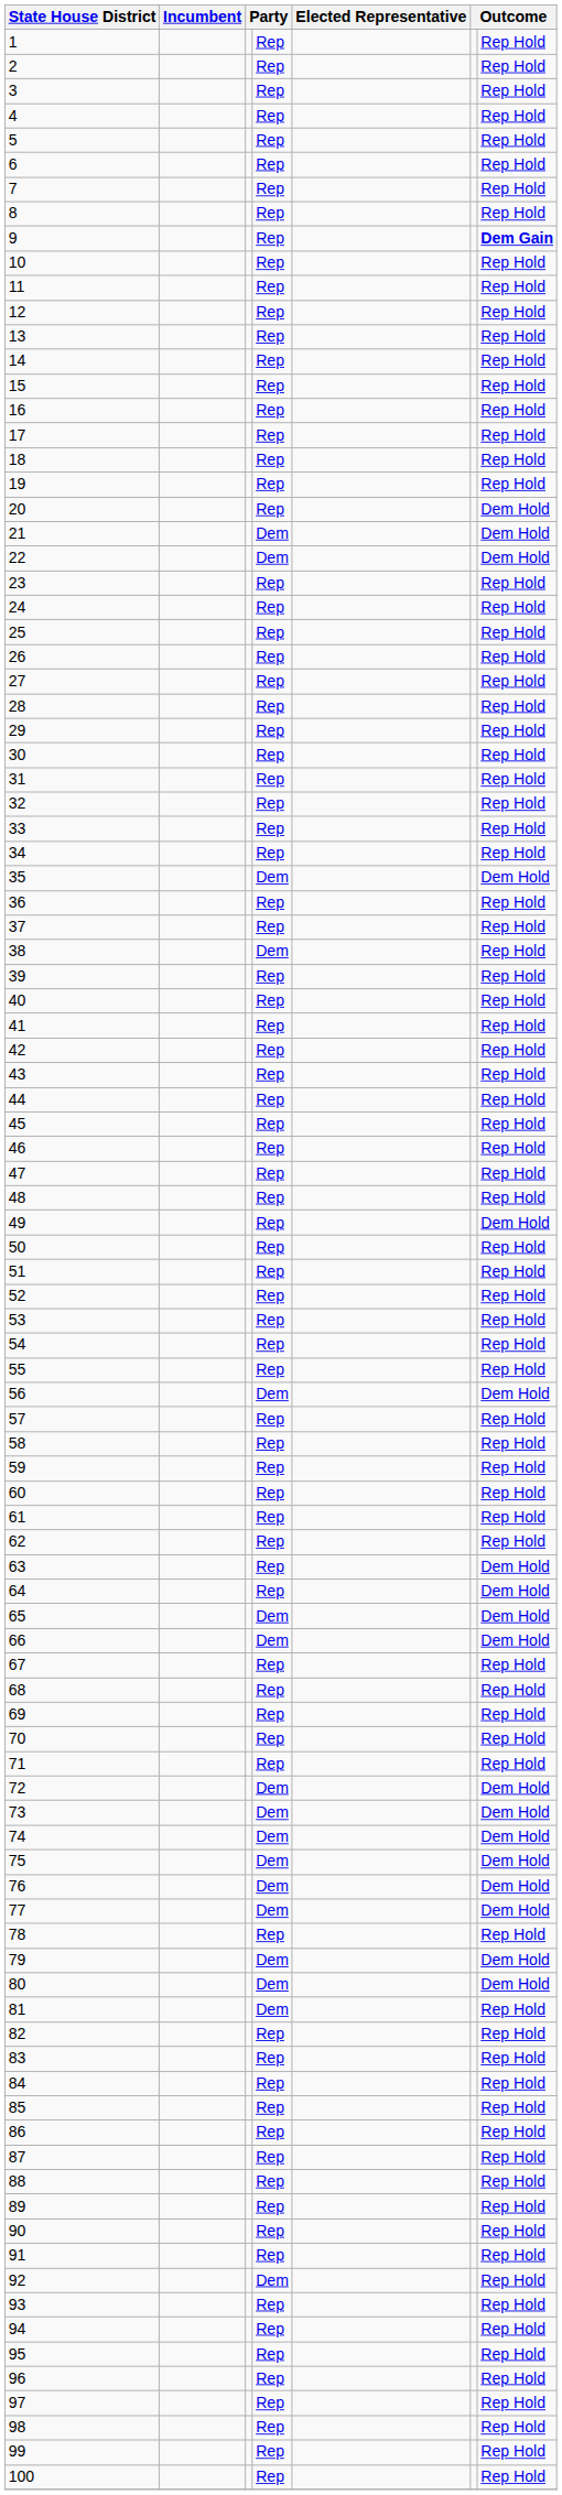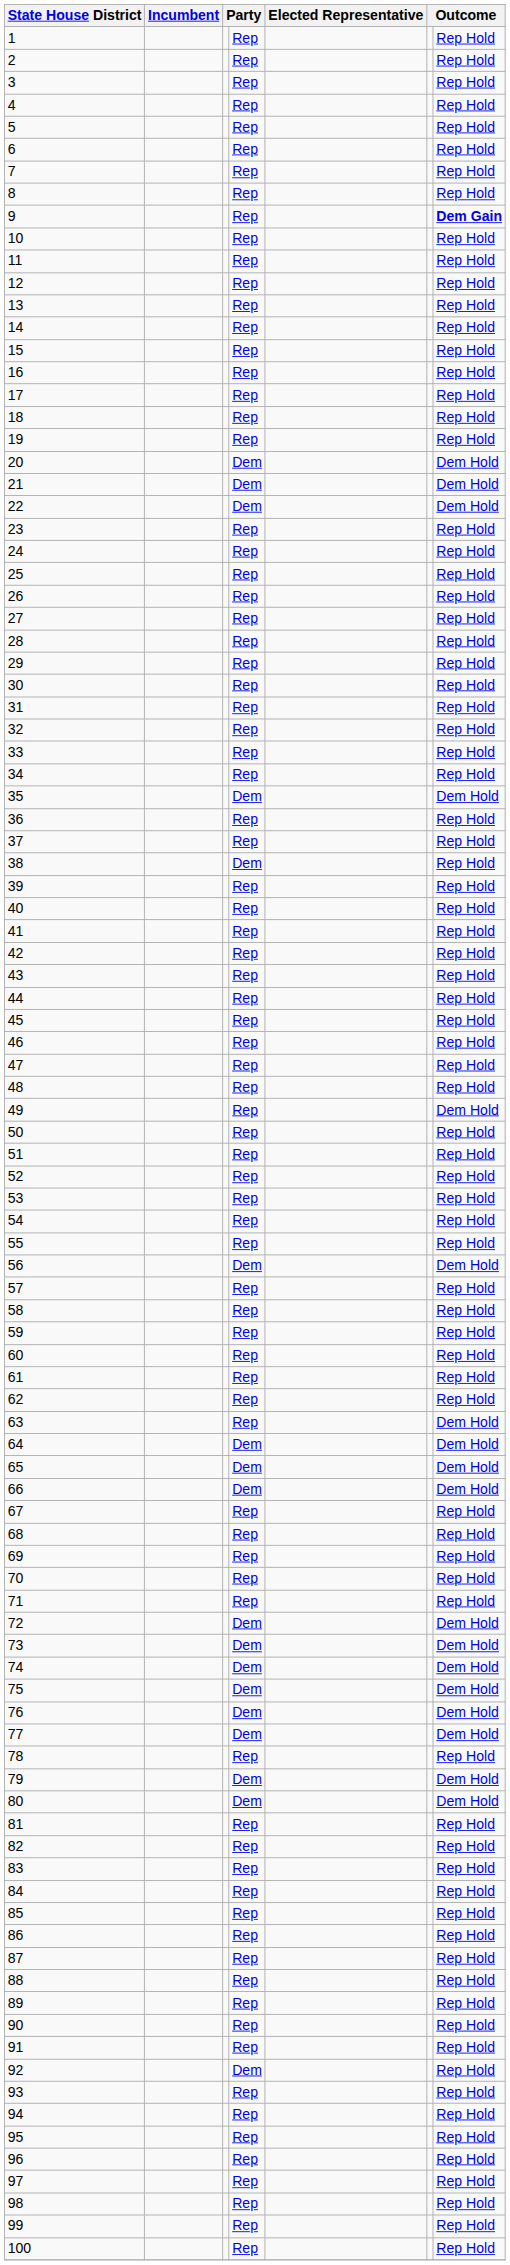 <table class="wikitable sortable">
 <tr>
 <th><a href='#'>State House</a> District</th>
 <th><a href='#'>Incumbent</a></th>
 <th colspan="2">Party</th>
 <th>Elected Representative</th>
 <th colspan="2">Outcome</th>
 </tr>
 <tr>
 <td>1</td>
 <td></td>
 <td style="background:"></td>
 <td><a href='#'>Rep</a></td>
 <td></td>
 <td style="background:"></td>
 <td><a href='#'>Rep Hold</a></td>
 </tr>
 <tr>
 <td>2</td>
 <td></td>
 <td style="background:"></td>
 <td><a href='#'>Rep</a></td>
 <td></td>
 <td style="background:"></td>
 <td><a href='#'>Rep Hold</a></td>
 </tr>
 <tr>
 <td>3</td>
 <td></td>
 <td style="background:"></td>
 <td><a href='#'>Rep</a></td>
 <td></td>
 <td style="background:"></td>
 <td><a href='#'>Rep Hold</a></td>
 </tr>
 <tr>
 <td>4</td>
 <td></td>
 <td style="background:"></td>
 <td><a href='#'>Rep</a></td>
 <td><em></em></td>
 <td style="background:"></td>
 <td><a href='#'>Rep Hold</a></td>
 </tr>
 <tr>
 <td>5</td>
 <td></td>
 <td style="background:"></td>
 <td><a href='#'>Rep</a></td>
 <td></td>
 <td style="background:"></td>
 <td><a href='#'>Rep Hold</a></td>
 </tr>
 <tr>
 <td>6</td>
 <td></td>
 <td style="background:"></td>
 <td><a href='#'>Rep</a></td>
 <td></td>
 <td style="background:"></td>
 <td><a href='#'>Rep Hold</a></td>
 </tr>
 <tr>
 <td>7</td>
 <td></td>
 <td style="background:"></td>
 <td><a href='#'>Rep</a></td>
 <td></td>
 <td style="background:"></td>
 <td><a href='#'>Rep Hold</a></td>
 </tr>
 <tr>
 <td>8</td>
 <td></td>
 <td style="background:"></td>
 <td><a href='#'>Rep</a></td>
 <td></td>
 <td style="background:"></td>
 <td><a href='#'>Rep Hold</a></td>
 </tr>
 <tr>
 <td>9</td>
 <td></td>
 <td style="background:"></td>
 <td><a href='#'>Rep</a></td>
 <td><strong></strong></td>
 <td style="background:"></td>
 <td><strong><a href='#'>Dem Gain</a></strong></td>
 </tr>
 <tr>
 <td>10</td>
 <td></td>
 <td style="background:"></td>
 <td><a href='#'>Rep</a></td>
 <td></td>
 <td style="background:"></td>
 <td><a href='#'>Rep Hold</a></td>
 </tr>
 <tr>
 <td>11</td>
 <td></td>
 <td style="background:"></td>
 <td><a href='#'>Rep</a></td>
 <td></td>
 <td style="background:"></td>
 <td><a href='#'>Rep Hold</a></td>
 </tr>
 <tr>
 <td>12</td>
 <td></td>
 <td style="background:"></td>
 <td><a href='#'>Rep</a></td>
 <td></td>
 <td style="background:"></td>
 <td><a href='#'>Rep Hold</a></td>
 </tr>
 <tr>
 <td>13</td>
 <td></td>
 <td style="background:"></td>
 <td><a href='#'>Rep</a></td>
 <td></td>
 <td style="background:"></td>
 <td><a href='#'>Rep Hold</a></td>
 </tr>
 <tr>
 <td>14</td>
 <td></td>
 <td style="background:"></td>
 <td><a href='#'>Rep</a></td>
 <td><em></em></td>
 <td style="background:"></td>
 <td><a href='#'>Rep Hold</a></td>
 </tr>
 <tr>
 <td>15</td>
 <td></td>
 <td style="background:"></td>
 <td><a href='#'>Rep</a></td>
 <td></td>
 <td style="background:"></td>
 <td><a href='#'>Rep Hold</a></td>
 </tr>
 <tr>
 <td>16</td>
 <td></td>
 <td style="background:"></td>
 <td><a href='#'>Rep</a></td>
 <td></td>
 <td style="background:"></td>
 <td><a href='#'>Rep Hold</a></td>
 </tr>
 <tr>
 <td>17</td>
 <td></td>
 <td style="background:"></td>
 <td><a href='#'>Rep</a></td>
 <td><em></em></td>
 <td style="background:"></td>
 <td><a href='#'>Rep Hold</a></td>
 </tr>
 <tr>
 <td>18</td>
 <td></td>
 <td style="background:"></td>
 <td><a href='#'>Rep</a></td>
 <td></td>
 <td style="background:"></td>
 <td><a href='#'>Rep Hold</a></td>
 </tr>
 <tr>
 <td>19</td>
 <td></td>
 <td style="background:"></td>
 <td><a href='#'>Rep</a></td>
 <td></td>
 <td style="background:"></td>
 <td><a href='#'>Rep Hold</a></td>
 </tr>
 <tr>
 <td>20</td>
 <td></td>
 <td style="background:"></td>
-<td><a href='#'>Rep</a></td>
+<td><a href='#'>Dem</a></td>
 <td></td>
 <td style="background:"></td>
 <td><a href='#'>Dem Hold</a></td>
 </tr>
 <tr>
 <td>21</td>
 <td></td>
 <td style="background:"></td>
 <td><a href='#'>Dem</a></td>
 <td></td>
 <td style="background:"></td>
 <td><a href='#'>Dem Hold</a></td>
 </tr>
 <tr>
 <td>22</td>
 <td></td>
 <td style="background:"></td>
 <td><a href='#'>Dem</a></td>
 <td></td>
 <td style="background:"></td>
 <td><a href='#'>Dem Hold</a></td>
 </tr>
 <tr>
 <td>23</td>
 <td></td>
 <td style="background:"></td>
 <td><a href='#'>Rep</a></td>
 <td></td>
 <td style="background:"></td>
 <td><a href='#'>Rep Hold</a></td>
 </tr>
 <tr>
 <td>24</td>
 <td></td>
 <td style="background:"></td>
 <td><a href='#'>Rep</a></td>
 <td><em></em></td>
 <td style="background:"></td>
 <td><a href='#'>Rep Hold</a></td>
 </tr>
 <tr>
 <td>25</td>
 <td></td>
 <td style="background:"></td>
 <td><a href='#'>Rep</a></td>
 <td></td>
 <td style="background:"></td>
 <td><a href='#'>Rep Hold</a></td>
 </tr>
 <tr>
 <td>26</td>
 <td></td>
 <td style="background:"></td>
 <td><a href='#'>Rep</a></td>
 <td><em></em></td>
 <td style="background:"></td>
 <td><a href='#'>Rep Hold</a></td>
 </tr>
 <tr>
 <td>27</td>
 <td></td>
 <td style="background:"></td>
 <td><a href='#'>Rep</a></td>
 <td></td>
 <td style="background:"></td>
 <td><a href='#'>Rep Hold</a></td>
 </tr>
 <tr>
 <td>28</td>
 <td></td>
 <td style="background:"></td>
 <td><a href='#'>Rep</a></td>
 <td></td>
 <td style="background:"></td>
 <td><a href='#'>Rep Hold</a></td>
 </tr>
 <tr>
 <td>29</td>
 <td></td>
 <td style="background:"></td>
 <td><a href='#'>Rep</a></td>
 <td></td>
 <td style="background:"></td>
 <td><a href='#'>Rep Hold</a></td>
 </tr>
 <tr>
 <td>30</td>
 <td></td>
 <td style="background:"></td>
 <td><a href='#'>Rep</a></td>
 <td></td>
 <td style="background:"></td>
 <td><a href='#'>Rep Hold</a></td>
 </tr>
 <tr>
 <td>31</td>
 <td></td>
 <td style="background:"></td>
 <td><a href='#'>Rep</a></td>
 <td></td>
 <td style="background:"></td>
 <td><a href='#'>Rep Hold</a></td>
 </tr>
 <tr>
 <td>32</td>
 <td></td>
 <td style="background:"></td>
 <td><a href='#'>Rep</a></td>
 <td></td>
 <td style="background:"></td>
 <td><a href='#'>Rep Hold</a></td>
 </tr>
 <tr>
 <td>33</td>
 <td></td>
 <td style="background:"></td>
 <td><a href='#'>Rep</a></td>
 <td></td>
 <td style="background:"></td>
 <td><a href='#'>Rep Hold</a></td>
 </tr>
 <tr>
 <td>34</td>
 <td></td>
 <td style="background:"></td>
 <td><a href='#'>Rep</a></td>
 <td></td>
 <td style="background:"></td>
 <td><a href='#'>Rep Hold</a></td>
 </tr>
 <tr>
 <td>35</td>
 <td></td>
 <td style="background:"></td>
 <td><a href='#'>Dem</a></td>
 <td><em></em></td>
 <td style="background:"></td>
 <td><a href='#'>Dem Hold</a></td>
 </tr>
 <tr>
 <td>36</td>
 <td></td>
 <td style="background:"></td>
 <td><a href='#'>Rep</a></td>
 <td></td>
 <td style="background:"></td>
 <td><a href='#'>Rep Hold</a></td>
 </tr>
 <tr>
 <td>37</td>
 <td></td>
 <td style="background:"></td>
 <td><a href='#'>Rep</a></td>
 <td></td>
 <td style="background:"></td>
 <td><a href='#'>Rep Hold</a></td>
 </tr>
 <tr>
 <td>38</td>
 <td></td>
 <td style="background:"></td>
 <td><a href='#'>Dem</a></td>
 <td></td>
 <td style="background:"></td>
 <td><a href='#'>Rep Hold</a></td>
 </tr>
 <tr>
 <td>39</td>
 <td></td>
 <td style="background:"></td>
 <td><a href='#'>Rep</a></td>
 <td></td>
 <td style="background:"></td>
 <td><a href='#'>Rep Hold</a></td>
 </tr>
 <tr>
 <td>40</td>
 <td></td>
 <td style="background:"></td>
 <td><a href='#'>Rep</a></td>
 <td></td>
 <td style="background:"></td>
 <td><a href='#'>Rep Hold</a></td>
 </tr>
 <tr>
 <td>41</td>
 <td></td>
 <td style="background:"></td>
 <td><a href='#'>Rep</a></td>
 <td><em></em></td>
 <td style="background:"></td>
 <td><a href='#'>Rep Hold</a></td>
 </tr>
 <tr>
 <td>42</td>
 <td></td>
 <td style="background:"></td>
 <td><a href='#'>Rep</a></td>
 <td></td>
 <td style="background:"></td>
 <td><a href='#'>Rep Hold</a></td>
 </tr>
 <tr>
 <td>43</td>
 <td></td>
 <td style="background:"></td>
 <td><a href='#'>Rep</a></td>
 <td></td>
 <td style="background:"></td>
 <td><a href='#'>Rep Hold</a></td>
 </tr>
 <tr>
 <td>44</td>
 <td></td>
 <td style="background:"></td>
 <td><a href='#'>Rep</a></td>
 <td></td>
 <td style="background:"></td>
 <td><a href='#'>Rep Hold</a></td>
 </tr>
 <tr>
 <td>45</td>
 <td></td>
 <td style="background:"></td>
 <td><a href='#'>Rep</a></td>
 <td></td>
 <td style="background:"></td>
 <td><a href='#'>Rep Hold</a></td>
 </tr>
 <tr>
 <td>46</td>
 <td></td>
 <td style="background:"></td>
 <td><a href='#'>Rep</a></td>
 <td></td>
 <td style="background:"></td>
 <td><a href='#'>Rep Hold</a></td>
 </tr>
 <tr>
 <td>47</td>
 <td></td>
 <td style="background:"></td>
 <td><a href='#'>Rep</a></td>
 <td></td>
 <td style="background:"></td>
 <td><a href='#'>Rep Hold</a></td>
 </tr>
 <tr>
 <td>48</td>
 <td></td>
 <td style="background:"></td>
 <td><a href='#'>Rep</a></td>
 <td></td>
 <td style="background:"></td>
 <td><a href='#'>Rep Hold</a></td>
 </tr>
 <tr>
 <td>49</td>
 <td></td>
 <td style="background:"></td>
 <td><a href='#'>Rep</a></td>
 <td></td>
 <td style="background:"></td>
 <td><a href='#'>Dem Hold</a></td>
 </tr>
 <tr>
 <td>50</td>
 <td></td>
 <td style="background:"></td>
 <td><a href='#'>Rep</a></td>
 <td></td>
 <td style="background:"></td>
 <td><a href='#'>Rep Hold</a></td>
 </tr>
 <tr>
 <td>51</td>
 <td></td>
 <td style="background:"></td>
 <td><a href='#'>Rep</a></td>
 <td></td>
 <td style="background:"></td>
 <td><a href='#'>Rep Hold</a></td>
 </tr>
 <tr>
 <td>52</td>
 <td></td>
 <td style="background:"></td>
 <td><a href='#'>Rep</a></td>
 <td></td>
 <td style="background:"></td>
 <td><a href='#'>Rep Hold</a></td>
 </tr>
 <tr>
 <td>53</td>
 <td></td>
 <td style="background:"></td>
 <td><a href='#'>Rep</a></td>
 <td></td>
 <td style="background:"></td>
 <td><a href='#'>Rep Hold</a></td>
 </tr>
 <tr>
 <td>54</td>
 <td></td>
 <td style="background:"></td>
 <td><a href='#'>Rep</a></td>
 <td></td>
 <td style="background:"></td>
 <td><a href='#'>Rep Hold</a></td>
 </tr>
 <tr>
 <td>55</td>
 <td></td>
 <td style="background:"></td>
 <td><a href='#'>Rep</a></td>
 <td></td>
 <td style="background:"></td>
 <td><a href='#'>Rep Hold</a></td>
 </tr>
 <tr>
 <td>56</td>
 <td></td>
 <td style="background:"></td>
 <td><a href='#'>Dem</a></td>
 <td></td>
 <td style="background:"></td>
 <td><a href='#'>Dem Hold</a></td>
 </tr>
 <tr>
 <td>57</td>
 <td></td>
 <td style="background:"></td>
 <td><a href='#'>Rep</a></td>
 <td></td>
 <td style="background:"></td>
 <td><a href='#'>Rep Hold</a></td>
 </tr>
 <tr>
 <td>58</td>
 <td></td>
 <td style="background:"></td>
 <td><a href='#'>Rep</a></td>
 <td></td>
 <td style="background:"></td>
 <td><a href='#'>Rep Hold</a></td>
 </tr>
 <tr>
 <td>59</td>
 <td></td>
 <td style="background:"></td>
 <td><a href='#'>Rep</a></td>
 <td></td>
 <td style="background:"></td>
 <td><a href='#'>Rep Hold</a></td>
 </tr>
 <tr>
 <td>60</td>
 <td></td>
 <td style="background:"></td>
 <td><a href='#'>Rep</a></td>
 <td></td>
 <td style="background:"></td>
 <td><a href='#'>Rep Hold</a></td>
 </tr>
 <tr>
 <td>61</td>
 <td></td>
 <td style="background:"></td>
 <td><a href='#'>Rep</a></td>
 <td></td>
 <td style="background:"></td>
 <td><a href='#'>Rep Hold</a></td>
 </tr>
 <tr>
 <td>62</td>
 <td></td>
 <td style="background:"></td>
 <td><a href='#'>Rep</a></td>
 <td></td>
 <td style="background:"></td>
 <td><a href='#'>Rep Hold</a></td>
 </tr>
 <tr>
 <td>63</td>
 <td></td>
 <td style="background:"></td>
 <td><a href='#'>Rep</a></td>
 <td><em></em></td>
 <td style="background:"></td>
 <td><a href='#'>Dem Hold</a></td>
 </tr>
 <tr>
 <td>64</td>
 <td></td>
 <td style="background:"></td>
-<td><a href='#'>Rep</a></td>
+<td><a href='#'>Dem</a></td>
 <td></td>
 <td style="background:"></td>
 <td><a href='#'>Dem Hold</a></td>
 </tr>
 <tr>
 <td>65</td>
 <td></td>
 <td style="background:"></td>
 <td><a href='#'>Dem</a></td>
 <td><em></em></td>
 <td style="background:"></td>
 <td><a href='#'>Dem Hold</a></td>
 </tr>
 <tr>
 <td>66</td>
 <td></td>
 <td style="background:"></td>
 <td><a href='#'>Dem</a></td>
 <td></td>
 <td style="background:"></td>
 <td><a href='#'>Dem Hold</a></td>
 </tr>
 <tr>
 <td>67</td>
 <td></td>
 <td style="background:"></td>
 <td><a href='#'>Rep</a></td>
 <td></td>
 <td style="background:"></td>
 <td><a href='#'>Rep Hold</a></td>
 </tr>
 <tr>
 <td>68</td>
 <td></td>
 <td style="background:"></td>
 <td><a href='#'>Rep</a></td>
 <td></td>
 <td style="background:"></td>
 <td><a href='#'>Rep Hold</a></td>
 </tr>
 <tr>
 <td>69</td>
 <td></td>
 <td style="background:"></td>
 <td><a href='#'>Rep</a></td>
 <td></td>
 <td style="background:"></td>
 <td><a href='#'>Rep Hold</a></td>
 </tr>
 <tr>
 <td>70</td>
 <td></td>
 <td style="background:"></td>
 <td><a href='#'>Rep</a></td>
 <td></td>
 <td style="background:"></td>
 <td><a href='#'>Rep Hold</a></td>
 </tr>
 <tr>
 <td>71</td>
 <td></td>
 <td style="background:"></td>
 <td><a href='#'>Rep</a></td>
 <td></td>
 <td style="background:"></td>
 <td><a href='#'>Rep Hold</a></td>
 </tr>
 <tr>
 <td>72</td>
 <td></td>
 <td style="background:"></td>
 <td><a href='#'>Dem</a></td>
 <td><em></em></td>
 <td style="background:"></td>
 <td><a href='#'>Dem Hold</a></td>
 </tr>
 <tr>
 <td>73</td>
 <td></td>
 <td style="background:"></td>
 <td><a href='#'>Dem</a></td>
 <td></td>
 <td style="background:"></td>
 <td><a href='#'>Dem Hold</a></td>
 </tr>
 <tr>
 <td>74</td>
 <td></td>
 <td style="background:"></td>
 <td><a href='#'>Dem</a></td>
 <td></td>
 <td style="background:"></td>
 <td><a href='#'>Dem Hold</a></td>
 </tr>
 <tr>
 <td>75</td>
 <td></td>
 <td style="background:"></td>
 <td><a href='#'>Dem</a></td>
 <td></td>
 <td style="background:"></td>
 <td><a href='#'>Dem Hold</a></td>
 </tr>
 <tr>
 <td>76</td>
 <td></td>
 <td style="background:"></td>
 <td><a href='#'>Dem</a></td>
 <td></td>
 <td style="background:"></td>
 <td><a href='#'>Dem Hold</a></td>
 </tr>
 <tr>
 <td>77</td>
 <td></td>
 <td style="background:"></td>
 <td><a href='#'>Dem</a></td>
 <td></td>
 <td style="background:"></td>
 <td><a href='#'>Dem Hold</a></td>
 </tr>
 <tr>
 <td>78</td>
 <td></td>
 <td style="background:"></td>
 <td><a href='#'>Rep</a></td>
 <td></td>
 <td style="background:"></td>
 <td><a href='#'>Rep Hold</a></td>
 </tr>
 <tr>
 <td>79</td>
 <td></td>
 <td style="background:"></td>
 <td><a href='#'>Dem</a></td>
 <td></td>
 <td style="background:"></td>
 <td><a href='#'>Dem Hold</a></td>
 </tr>
 <tr>
 <td>80</td>
 <td></td>
 <td style="background:"></td>
 <td><a href='#'>Dem</a></td>
 <td></td>
 <td style="background:"></td>
 <td><a href='#'>Dem Hold</a></td>
 </tr>
 <tr>
 <td>81</td>
 <td></td>
 <td style="background:"></td>
-<td><a href='#'>Dem</a></td>
+<td><a href='#'>Rep</a></td>
 <td></td>
 <td style="background:"></td>
 <td><a href='#'>Rep Hold</a></td>
 </tr>
 <tr>
 <td>82</td>
 <td></td>
 <td style="background:"></td>
 <td><a href='#'>Rep</a></td>
 <td></td>
 <td style="background:"></td>
 <td><a href='#'>Rep Hold</a></td>
 </tr>
 <tr>
 <td>83</td>
 <td></td>
 <td style="background:"></td>
 <td><a href='#'>Rep</a></td>
 <td><em></em></td>
 <td style="background:"></td>
 <td><a href='#'>Rep Hold</a></td>
 </tr>
 <tr>
 <td>84</td>
 <td></td>
 <td style="background:"></td>
 <td><a href='#'>Rep</a></td>
 <td></td>
 <td style="background:"></td>
 <td><a href='#'>Rep Hold</a></td>
 </tr>
 <tr>
 <td>85</td>
 <td></td>
 <td style="background:"></td>
 <td><a href='#'>Rep</a></td>
 <td></td>
 <td style="background:"></td>
 <td><a href='#'>Rep Hold</a></td>
 </tr>
 <tr>
 <td>86</td>
 <td></td>
 <td style="background:"></td>
 <td><a href='#'>Rep</a></td>
 <td></td>
 <td style="background:"></td>
 <td><a href='#'>Rep Hold</a></td>
 </tr>
 <tr>
 <td>87</td>
 <td></td>
 <td style="background:"></td>
 <td><a href='#'>Rep</a></td>
 <td></td>
 <td style="background:"></td>
 <td><a href='#'>Rep Hold</a></td>
 </tr>
 <tr>
 <td>88</td>
 <td></td>
 <td style="background:"></td>
 <td><a href='#'>Rep</a></td>
 <td><em></em></td>
 <td style="background:"></td>
 <td><a href='#'>Rep Hold</a></td>
 </tr>
 <tr>
 <td>89</td>
 <td></td>
 <td style="background:"></td>
 <td><a href='#'>Rep</a></td>
 <td></td>
 <td style="background:"></td>
 <td><a href='#'>Rep Hold</a></td>
 </tr>
 <tr>
 <td>90</td>
 <td></td>
 <td style="background:"></td>
 <td><a href='#'>Rep</a></td>
 <td></td>
 <td style="background:"></td>
 <td><a href='#'>Rep Hold</a></td>
 </tr>
 <tr>
 <td>91</td>
 <td></td>
 <td style="background:"></td>
 <td><a href='#'>Rep</a></td>
 <td></td>
 <td style="background:"></td>
 <td><a href='#'>Rep Hold</a></td>
 </tr>
 <tr>
 <td>92</td>
 <td></td>
 <td style="background:"></td>
 <td><a href='#'>Dem</a></td>
 <td></td>
 <td style="background:"></td>
 <td><a href='#'>Rep Hold</a></td>
 </tr>
 <tr>
 <td>93</td>
 <td></td>
 <td style="background:"></td>
 <td><a href='#'>Rep</a></td>
 <td></td>
 <td style="background:"></td>
 <td><a href='#'>Rep Hold</a></td>
 </tr>
 <tr>
 <td>94</td>
 <td></td>
 <td style="background:"></td>
 <td><a href='#'>Rep</a></td>
 <td></td>
 <td style="background:"></td>
 <td><a href='#'>Rep Hold</a></td>
 </tr>
 <tr>
 <td>95</td>
 <td></td>
 <td style="background:"></td>
 <td><a href='#'>Rep</a></td>
 <td></td>
 <td style="background:"></td>
 <td><a href='#'>Rep Hold</a></td>
 </tr>
 <tr>
 <td>96</td>
 <td></td>
 <td style="background:"></td>
 <td><a href='#'>Rep</a></td>
 <td></td>
 <td style="background:"></td>
 <td><a href='#'>Rep Hold</a></td>
 </tr>
 <tr>
 <td>97</td>
 <td></td>
 <td style="background:"></td>
 <td><a href='#'>Rep</a></td>
 <td></td>
 <td style="background:"></td>
 <td><a href='#'>Rep Hold</a></td>
 </tr>
 <tr>
 <td>98</td>
 <td></td>
 <td style="background:"></td>
 <td><a href='#'>Rep</a></td>
 <td></td>
 <td style="background:"></td>
 <td><a href='#'>Rep Hold</a></td>
 </tr>
 <tr>
 <td>99</td>
 <td></td>
 <td style="background:"></td>
 <td><a href='#'>Rep</a></td>
 <td></td>
 <td style="background:"></td>
 <td><a href='#'>Rep Hold</a></td>
 </tr>
 <tr>
 <td>100</td>
 <td></td>
 <td style="background:"></td>
 <td><a href='#'>Rep</a></td>
 <td></td>
 <td style="background:"></td>
 <td><a href='#'>Rep Hold</a></td>
 </tr>
 <tr>
 </tr>
 </table>
